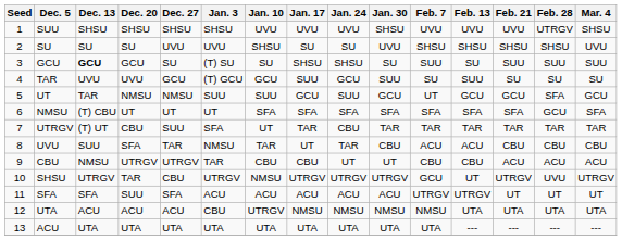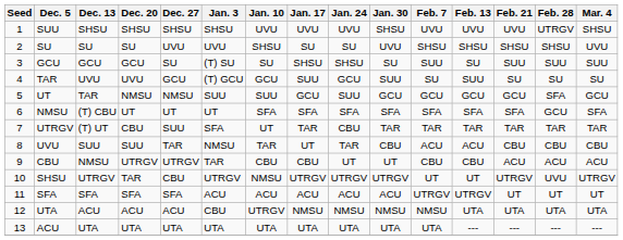 <table class="wikitable" style="white-space:nowrap; font-size:95%;text-align:center">
 <tr>
 <th>Seed</th>
 <th>Dec. 5</th>
 <th>Dec. 13</th>
 <th>Dec. 20</th>
 <th>Dec. 27</th>
 <th>Jan. 3</th>
 <th>Jan. 10</th>
 <th>Jan. 17</th>
 <th>Jan. 24</th>
 <th>Jan. 30</th>
 <th>Feb. 7</th>
 <th>Feb. 13</th>
 <th>Feb. 21</th>
 <th>Feb. 28</th>
 <th>Mar. 4</th>
 </tr>
 <tr>
 <td>1</td>
 <td align=left>SUU</td>
 <td align=left>SHSU</td>
 <td align=left>SHSU</td>
 <td align=left>SHSU</td>
 <td align=left>SHSU</td>
 <td>UVU</td>
 <td>UVU</td>
 <td>UVU</td>
 <td>SHSU</td>
 <td>UVU</td>
 <td>UVU</td>
 <td>UVU</td>
 <td>UTRGV</td>
 <td>SHSU</td>
 </tr>
 <tr>
 <td>2</td>
 <td align=left>SU</td>
 <td align=left>SU</td>
 <td align=left>SU</td>
 <td align=left>UVU</td>
 <td align=left>UVU</td>
 <td>SHSU</td>
 <td>SU</td>
 <td>SU</td>
 <td>UVU</td>
 <td>SHSU</td>
 <td>SHSU</td>
 <td>SHSU</td>
 <td>SHSU</td>
 <td>UVU</td>
 </tr>
 <tr>
 <td>3</td>
 <td align=left>GCU</td>
-<td align=left><strong>GCU</strong></td>
+<td align=left>GCU</td>
 <td align=left>GCU</td>
 <td align=left>SU</td>
 <td align=left>(T) SU</td>
 <td>SU</td>
 <td>SHSU</td>
 <td>SHSU</td>
 <td>SU</td>
 <td>SUU</td>
 <td>SU</td>
 <td>SUU</td>
 <td>SUU</td>
 <td>SUU</td>
 </tr>
 <tr>
 <td>4</td>
 <td align=left>TAR</td>
 <td align=left>UVU</td>
 <td align=left>UVU</td>
 <td align=left>GCU</td>
 <td align=left>(T) GCU</td>
 <td>GCU</td>
 <td>SUU</td>
 <td>GCU</td>
 <td>SUU</td>
 <td>SU</td>
 <td>SUU</td>
 <td>SU</td>
 <td>SU</td>
 <td>SU</td>
 </tr>
 <tr>
 <td>5</td>
 <td align=left>UT</td>
 <td align=left>TAR</td>
 <td align=left>NMSU</td>
 <td align=left>NMSU</td>
 <td align=left>SUU</td>
 <td>SUU</td>
 <td>GCU</td>
 <td>SUU</td>
 <td>GCU</td>
-<td>UT</td>
+<td>GCU</td>
 <td>GCU</td>
 <td>GCU</td>
 <td>SFA</td>
 <td>GCU</td>
 </tr>
 <tr>
 <td>6</td>
 <td align=left>NMSU</td>
 <td align=left>(T) CBU</td>
 <td align=left>UT</td>
 <td align=left>UT</td>
 <td align=left>UT</td>
 <td>SFA</td>
 <td>SFA</td>
 <td>SFA</td>
 <td>SFA</td>
 <td>SFA</td>
 <td>SFA</td>
 <td>SFA</td>
 <td>GCU</td>
 <td>SFA</td>
 </tr>
 <tr>
 <td>7</td>
 <td align=left>UTRGV</td>
 <td align=left>(T) UT</td>
 <td align=left>CBU</td>
 <td align=left>SUU</td>
 <td align=left>SFA</td>
 <td>UT</td>
 <td>TAR</td>
 <td>CBU</td>
 <td>TAR</td>
 <td>TAR</td>
 <td>TAR</td>
 <td>TAR</td>
 <td>TAR</td>
 <td>TAR</td>
 </tr>
 <tr>
 <td>8</td>
 <td align=left>UVU</td>
 <td align=left>SUU</td>
-<td align=left>SFA</td>
+<td align=left>SUU</td>
 <td align=left>TAR</td>
 <td align=left>NMSU</td>
 <td>TAR</td>
 <td>UT</td>
 <td>TAR</td>
 <td>CBU</td>
 <td>ACU</td>
 <td>ACU</td>
 <td>CBU</td>
 <td>CBU</td>
 <td>CBU</td>
 </tr>
 <tr>
 <td>9</td>
 <td align=left>CBU</td>
 <td align=left>NMSU</td>
 <td align=left>UTRGV</td>
 <td align=left>UTRGV</td>
 <td align=left>TAR</td>
 <td>CBU</td>
 <td>CBU</td>
 <td>UT</td>
 <td>UT</td>
 <td>CBU</td>
 <td>CBU</td>
 <td>ACU</td>
 <td>ACU</td>
 <td>ACU</td>
 </tr>
 <tr>
 <td>10</td>
 <td align=left>SHSU</td>
 <td align=left>UTRGV</td>
 <td align=left>TAR</td>
 <td align=left>CBU</td>
 <td align=left>UTRGV</td>
 <td>NMSU</td>
 <td>UTRGV</td>
 <td>UTRGV</td>
 <td>UTRGV</td>
-<td>GCU</td>
+<td>UT</td>
 <td>UT</td>
 <td>UTRGV</td>
 <td>UVU</td>
 <td>UTRGV</td>
 </tr>
 <tr>
 <td>11</td>
 <td align=left>SFA</td>
 <td align=left>SFA</td>
-<td align=left>SUU</td>
+<td align=left>SFA</td>
 <td align=left>SFA</td>
 <td align=left>ACU</td>
 <td>ACU</td>
 <td>ACU</td>
 <td>ACU</td>
 <td>ACU</td>
 <td>UTRGV</td>
 <td>UTRGV</td>
 <td>UT</td>
 <td>UT</td>
 <td>UT</td>
 </tr>
 <tr>
 <td>12</td>
 <td align=left>UTA</td>
 <td align=left>ACU</td>
 <td align=left>ACU</td>
 <td align=left>ACU</td>
 <td align=left>CBU</td>
 <td>UTRGV</td>
 <td>NMSU</td>
 <td>NMSU</td>
 <td>NMSU</td>
 <td>NMSU</td>
 <td>UTA</td>
 <td>UTA</td>
 <td>UTA</td>
 <td>UTA</td>
 </tr>
 <tr>
 <td>13</td>
 <td align=left>ACU</td>
 <td align=left>UTA</td>
 <td align=left>UTA</td>
 <td align=left>UTA</td>
 <td align=left>UTA</td>
 <td>UTA</td>
 <td>UTA</td>
 <td>UTA</td>
 <td>UTA</td>
 <td>UTA</td>
 <td>---</td>
 <td>---</td>
 <td>---</td>
 <td>---</td>
 </tr>
 <tr>
 </tr>
 </table>
